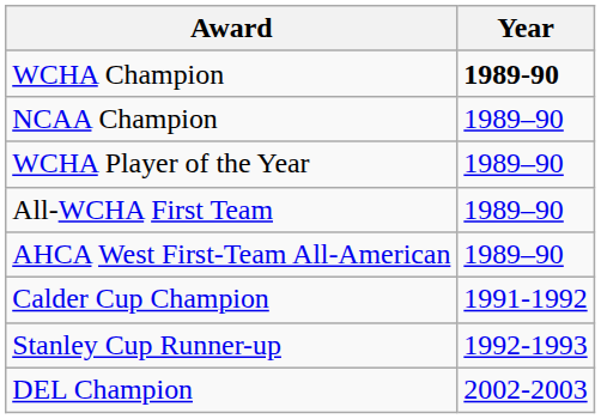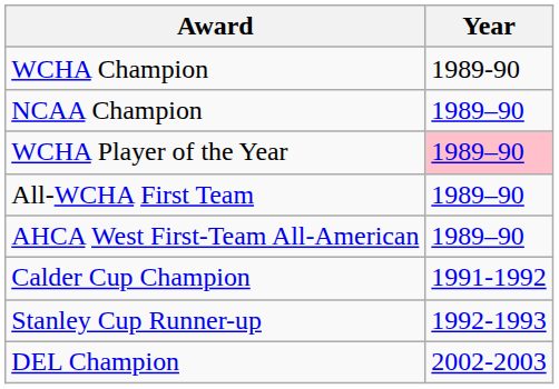 <table class="wikitable">
 <tr>
 <th>Award</th>
 <th>Year</th>
 </tr>
 <tr>
 <td><a href='#'>WCHA</a> Champion</td>
-<td><strong>1989-90</strong></td>
+<td>1989-90</td>
 </tr>
 <tr>
 <td><a href='#'>NCAA</a> Champion</td>
 <td><a href='#'>1989–90</a></td>
 </tr>
 <tr>
 <td><a href='#'>WCHA</a> Player of the Year</td>
-<td><a href='#'>1989–90</a></td>
+<td style="background: pink;"><a href='#'>1989–90</a></td>
 </tr>
 <tr>
 <td>All-<a href='#'>WCHA</a> <a href='#'>First Team</a></td>
 <td><a href='#'>1989–90</a></td>
 </tr>
 <tr>
 <td><a href='#'>AHCA</a> <a href='#'>West First-Team All-American</a></td>
 <td><a href='#'>1989–90</a></td>
 </tr>
 <tr>
 <td><a href='#'>Calder Cup Champion</a></td>
 <td><a href='#'>1991-1992</a></td>
 </tr>
 <tr>
 <td><a href='#'>Stanley Cup Runner-up</a></td>
 <td><a href='#'>1992-1993</a></td>
 </tr>
 <tr>
 <td><a href='#'>DEL Champion</a></td>
 <td><a href='#'>2002-2003</a></td>
 </tr>
 </table>
